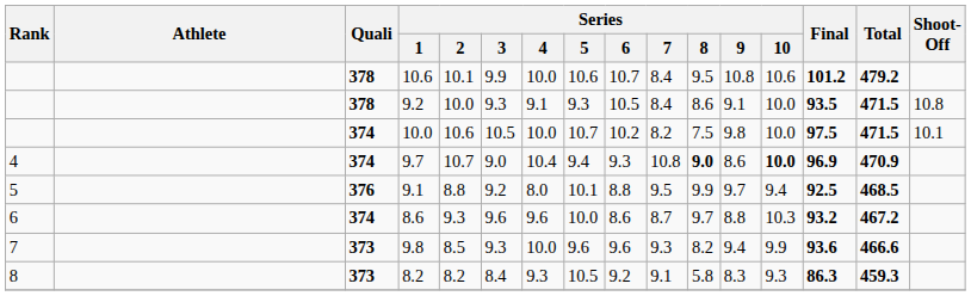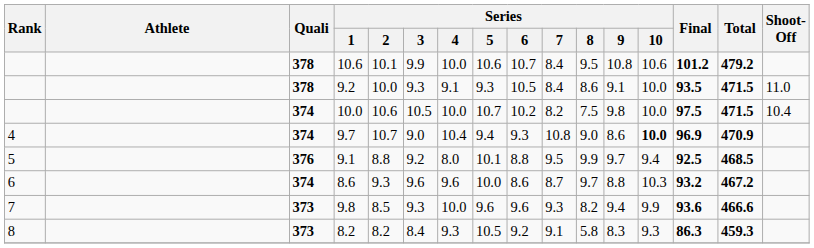 <table class="wikitable" style="font-size:95%" style="width:35em;" style="text-align:center">
 <tr>
 <th rowspan=2>Rank</th>
 <th rowspan=2 width=250>Athlete</th>
 <th rowspan=2 width=40>Quali</th>
 <th colspan=10 width=350>Series</th>
 <th rowspan=2 width=40>Final</th>
 <th rowspan=2 width=40>Total</th>
 <th rowspan=2 width=40>Shoot-Off</th>
 </tr>
 <tr>
 <th>1</th>
 <th>2</th>
 <th>3</th>
 <th>4</th>
 <th>5</th>
 <th>6</th>
 <th>7</th>
 <th>8</th>
 <th>9</th>
 <th>10</th>
 </tr>
 <tr>
 <td></td>
 <td align=left></td>
 <td><strong>378</strong></td>
 <td>10.6</td>
 <td>10.1</td>
 <td>9.9</td>
 <td>10.0</td>
 <td>10.6</td>
 <td>10.7</td>
 <td>8.4</td>
 <td>9.5</td>
 <td>10.8</td>
 <td>10.6</td>
 <td><strong>101.2</strong></td>
 <td><strong>479.2</strong></td>
 <td></td>
 </tr>
 <tr>
 <td></td>
 <td align=left></td>
 <td><strong>378</strong></td>
 <td>9.2</td>
 <td>10.0</td>
 <td>9.3</td>
 <td>9.1</td>
 <td>9.3</td>
 <td>10.5</td>
 <td>8.4</td>
 <td>8.6</td>
 <td>9.1</td>
 <td>10.0</td>
 <td><strong>93.5</strong></td>
 <td><strong>471.5</strong></td>
-<td>10.8</td>
+<td>11.0</td>
 </tr>
 <tr>
 <td></td>
 <td align=left></td>
 <td><strong>374</strong></td>
 <td>10.0</td>
 <td>10.6</td>
 <td>10.5</td>
 <td>10.0</td>
 <td>10.7</td>
 <td>10.2</td>
 <td>8.2</td>
 <td>7.5</td>
 <td>9.8</td>
 <td>10.0</td>
 <td><strong>97.5</strong></td>
 <td><strong>471.5</strong></td>
-<td>10.1</td>
+<td>10.4</td>
 </tr>
 <tr>
 <td>4</td>
 <td align=left></td>
 <td><strong>374</strong></td>
 <td>9.7</td>
 <td>10.7</td>
 <td>9.0</td>
 <td>10.4</td>
 <td>9.4</td>
 <td>9.3</td>
 <td>10.8</td>
-<td><strong>9.0</strong></td>
+<td>9.0</td>
 <td>8.6</td>
 <td><strong>10.0</strong></td>
 <td><strong>96.9</strong></td>
 <td><strong>470.9</strong></td>
 <td></td>
 </tr>
 <tr>
 <td>5</td>
 <td align=left></td>
 <td><strong>376</strong></td>
 <td>9.1</td>
 <td>8.8</td>
 <td>9.2</td>
 <td>8.0</td>
 <td>10.1</td>
 <td>8.8</td>
 <td>9.5</td>
 <td>9.9</td>
 <td>9.7</td>
 <td>9.4</td>
 <td><strong>92.5</strong></td>
 <td><strong>468.5</strong></td>
 <td></td>
 </tr>
 <tr>
 <td>6</td>
 <td align=left></td>
 <td><strong>374</strong></td>
 <td>8.6</td>
 <td>9.3</td>
 <td>9.6</td>
 <td>9.6</td>
 <td>10.0</td>
 <td>8.6</td>
 <td>8.7</td>
 <td>9.7</td>
 <td>8.8</td>
 <td>10.3</td>
 <td><strong>93.2</strong></td>
 <td><strong>467.2</strong></td>
 <td></td>
 </tr>
 <tr>
 <td>7</td>
 <td align=left></td>
 <td><strong>373</strong></td>
 <td>9.8</td>
 <td>8.5</td>
 <td>9.3</td>
 <td>10.0</td>
 <td>9.6</td>
 <td>9.6</td>
 <td>9.3</td>
 <td>8.2</td>
 <td>9.4</td>
 <td>9.9</td>
 <td><strong>93.6</strong></td>
 <td><strong>466.6</strong></td>
 <td></td>
 </tr>
 <tr>
 <td>8</td>
 <td align=left></td>
 <td><strong>373</strong></td>
 <td>8.2</td>
 <td>8.2</td>
 <td>8.4</td>
 <td>9.3</td>
 <td>10.5</td>
 <td>9.2</td>
 <td>9.1</td>
 <td>5.8</td>
 <td>8.3</td>
 <td>9.3</td>
 <td><strong>86.3</strong></td>
 <td><strong>459.3</strong></td>
 <td></td>
 </tr>
 <tr>
 </tr>
 </table>
